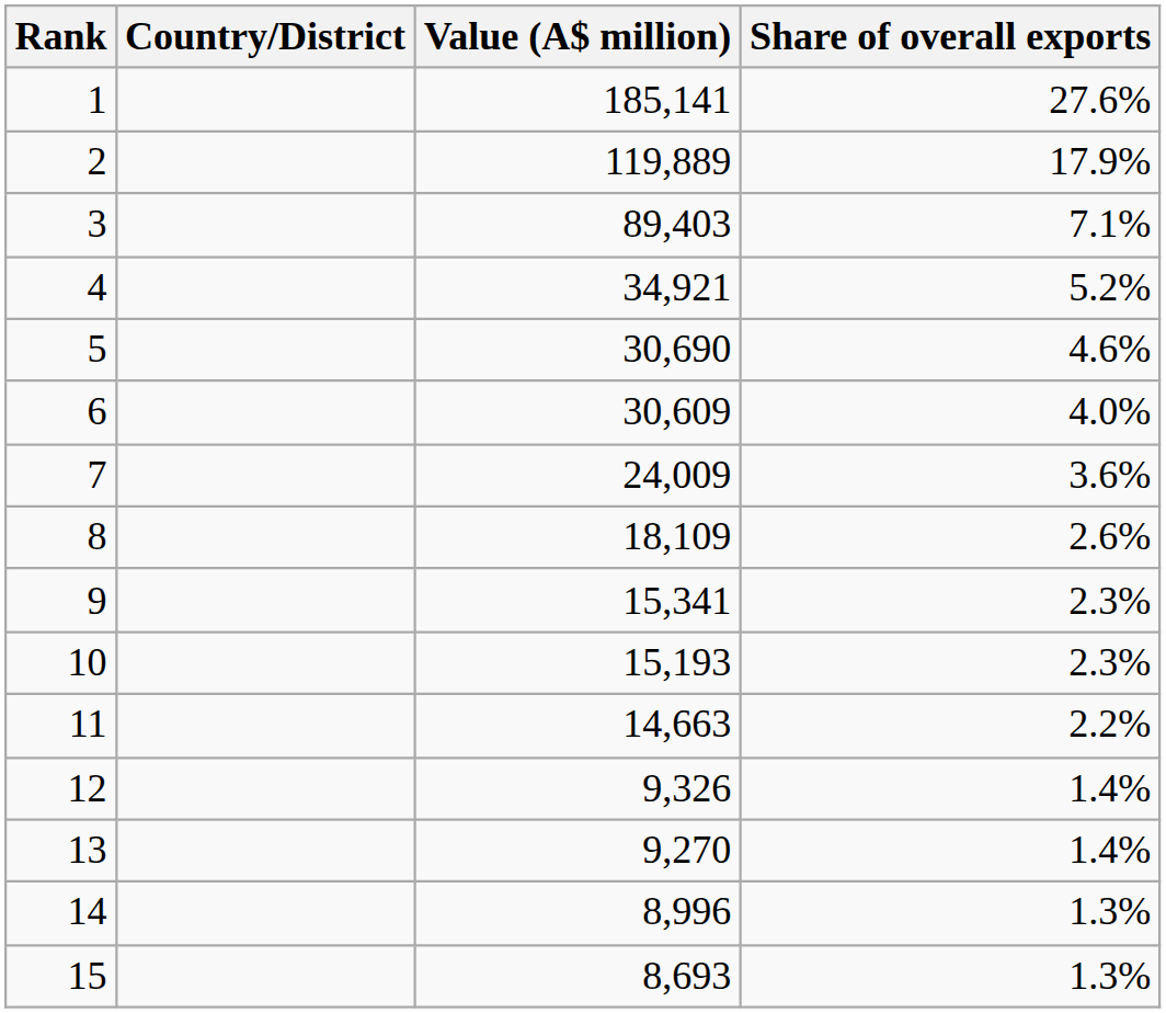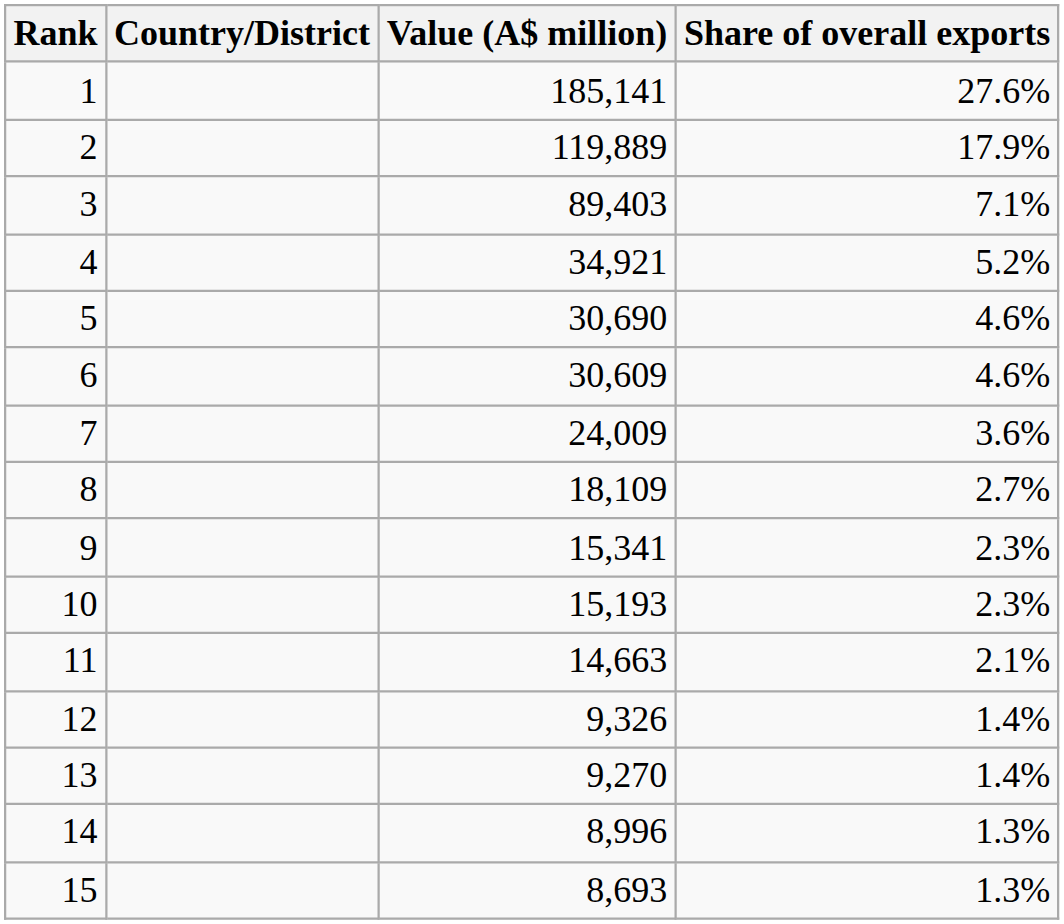 <table class="wikitable sortable" style="text-align:right;">
 <tr>
 <th>Rank</th>
 <th>Country/District</th>
 <th>Value (A$ million)</th>
 <th>Share of overall exports</th>
 </tr>
 <tr>
 <td>1</td>
 <td align=left><strong></strong></td>
 <td>185,141</td>
 <td>27.6%</td>
 </tr>
 <tr>
 <td>2</td>
 <td align=left><strong></strong></td>
 <td>119,889</td>
 <td>17.9%</td>
 </tr>
 <tr>
 <td>3</td>
 <td align="left"><strong></strong></td>
 <td>89,403</td>
 <td>7.1%</td>
 </tr>
 <tr>
 <td>4</td>
 <td align="left"><strong></strong></td>
 <td>34,921</td>
 <td>5.2%</td>
 </tr>
 <tr>
 <td>5</td>
 <td align="left"><strong></strong></td>
 <td>30,690</td>
 <td>4.6%</td>
 </tr>
 <tr>
 <td>6</td>
 <td align=left><strong></strong></td>
 <td>30,609</td>
-<td>4.0%</td>
+<td>4.6%</td>
 </tr>
 <tr>
 <td>7</td>
 <td align=left><strong></strong></td>
 <td>24,009</td>
 <td>3.6%</td>
 </tr>
 <tr>
 <td>8</td>
 <td align="left"><strong></strong></td>
 <td>18,109</td>
-<td>2.6%</td>
+<td>2.7%</td>
 </tr>
 <tr>
 <td>9</td>
 <td align="left"><strong></strong></td>
 <td>15,341</td>
 <td>2.3%</td>
 </tr>
 <tr>
 <td>10</td>
 <td align="left"><strong></strong></td>
 <td>15,193</td>
 <td>2.3%</td>
 </tr>
 <tr>
 <td>11</td>
 <td align=left><strong></strong></td>
 <td>14,663</td>
-<td>2.2%</td>
+<td>2.1%</td>
 </tr>
 <tr>
 <td>12</td>
 <td align=left><strong></strong></td>
 <td>9,326</td>
 <td>1.4%</td>
 </tr>
 <tr>
 <td>13</td>
 <td align=left><strong></strong></td>
 <td>9,270</td>
 <td>1.4%</td>
 </tr>
 <tr>
 <td>14</td>
 <td align=left><strong></strong></td>
 <td>8,996</td>
 <td>1.3%</td>
 </tr>
 <tr>
 <td>15</td>
 <td align="left"><strong></strong></td>
 <td>8,693</td>
 <td>1.3%</td>
 </tr>
 </table>
